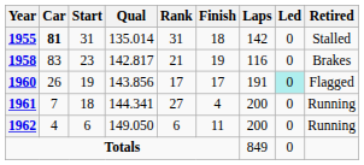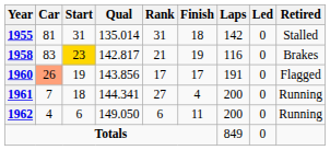 <table class="wikitable" style="text-align:center">
 <tr>
 <th>Year</th>
 <th>Car</th>
 <th>Start</th>
 <th>Qual</th>
 <th>Rank</th>
 <th>Finish</th>
 <th>Laps</th>
 <th>Led</th>
 <th>Retired</th>
 </tr>
 <tr>
 <th><a href='#'>1955</a></th>
-<td><strong>81</strong></td>
+<td>81</td>
 <td>31</td>
 <td>135.014</td>
 <td>31</td>
 <td>18</td>
 <td>142</td>
 <td>0</td>
 <td>Stalled</td>
 </tr>
 <tr>
 <th><a href='#'>1958</a></th>
 <td>83</td>
-<td>23</td>
+<td style="background: gold;">23</td>
 <td>142.817</td>
 <td>21</td>
 <td>19</td>
 <td>116</td>
 <td>0</td>
 <td>Brakes</td>
 </tr>
 <tr>
 <th><a href='#'>1960</a></th>
-<td>26</td>
+<td style="background: lightsalmon;">26</td>
 <td>19</td>
 <td>143.856</td>
 <td>17</td>
 <td>17</td>
 <td>191</td>
-<td style="background: paleturquoise;">0</td>
+<td>0</td>
 <td>Flagged</td>
 </tr>
 <tr>
 <th><a href='#'>1961</a></th>
 <td>7</td>
 <td>18</td>
 <td>144.341</td>
 <td>27</td>
 <td>4</td>
 <td>200</td>
 <td>0</td>
 <td>Running</td>
 </tr>
 <tr>
 <th><a href='#'>1962</a></th>
 <td>4</td>
 <td>6</td>
 <td>149.050</td>
 <td>6</td>
 <td>11</td>
 <td>200</td>
 <td>0</td>
 <td>Running</td>
 </tr>
 <tr>
 <td colspan=6><strong>Totals</strong></td>
 <td>849</td>
 <td>0</td>
 <td></td>
 </tr>
 </table>
